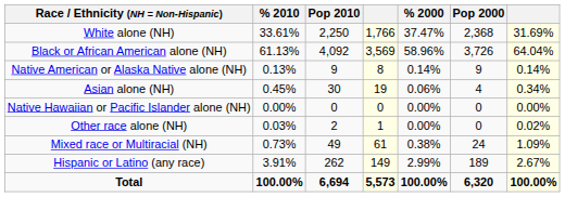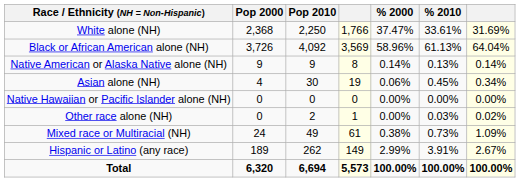 <table class="wikitable" style="text-align:center;">
 <tr>
 <th>Race / Ethnicity <small>(<em>NH = Non-Hispanic</em>)</small></th>
-<th>% 2010</th>
+<th>Pop 2000</th>
 <th>Pop 2010</th>
 <th></th>
 <th>% 2000</th>
-<th>Pop 2000</th>
+<th>% 2010</th>
 <th></th>
 </tr>
 <tr>
 <td><a href='#'>White</a> alone (NH)</td>
-<td>33.61%</td>
+<td>2,368</td>
 <td>2,250</td>
 <td style='background: #ffffe6;'>1,766</td>
 <td>37.47%</td>
-<td>2,368</td>
+<td>33.61%</td>
 <td style='background: #ffffe6;'>31.69%</td>
 </tr>
 <tr>
 <td><a href='#'>Black or African American</a> alone (NH)</td>
-<td>61.13%</td>
+<td>3,726</td>
 <td>4,092</td>
 <td style='background: #ffffe6;'>3,569</td>
 <td>58.96%</td>
-<td>3,726</td>
+<td>61.13%</td>
 <td style='background: #ffffe6;'>64.04%</td>
 </tr>
 <tr>
 <td><a href='#'>Native American</a> or <a href='#'>Alaska Native</a> alone (NH)</td>
-<td>0.13%</td>
+<td>9</td>
 <td>9</td>
 <td style='background: #ffffe6;'>8</td>
 <td>0.14%</td>
-<td>9</td>
+<td>0.13%</td>
 <td style='background: #ffffe6;'>0.14%</td>
 </tr>
 <tr>
 <td><a href='#'>Asian</a> alone (NH)</td>
-<td>0.45%</td>
+<td>4</td>
 <td>30</td>
 <td style='background: #ffffe6;'>19</td>
 <td>0.06%</td>
-<td>4</td>
+<td>0.45%</td>
 <td style='background: #ffffe6;'>0.34%</td>
 </tr>
 <tr>
 <td><a href='#'>Native Hawaiian</a> or <a href='#'>Pacific Islander</a> alone (NH)</td>
-<td>0.00%</td>
+<td>0</td>
 <td>0</td>
 <td style='background: #ffffe6;'>0</td>
 <td>0.00%</td>
-<td>0</td>
+<td>0.00%</td>
 <td style='background: #ffffe6;'>0.00%</td>
 </tr>
 <tr>
 <td><a href='#'>Other race</a> alone (NH)</td>
-<td>0.03%</td>
+<td>0</td>
 <td>2</td>
 <td style='background: #ffffe6;'>1</td>
 <td>0.00%</td>
-<td>0</td>
+<td>0.03%</td>
 <td style='background: #ffffe6;'>0.02%</td>
 </tr>
 <tr>
 <td><a href='#'>Mixed race or Multiracial</a> (NH)</td>
-<td>0.73%</td>
+<td>24</td>
 <td>49</td>
 <td style='background: #ffffe6;'>61</td>
 <td>0.38%</td>
-<td>24</td>
+<td>0.73%</td>
 <td style='background: #ffffe6;'>1.09%</td>
 </tr>
 <tr>
 <td><a href='#'>Hispanic or Latino</a> (any race)</td>
-<td>3.91%</td>
+<td>189</td>
 <td>262</td>
 <td style='background: #ffffe6;'>149</td>
 <td>2.99%</td>
-<td>189</td>
+<td>3.91%</td>
 <td style='background: #ffffe6;'>2.67%</td>
 </tr>
 <tr>
 <td><strong>Total</strong></td>
-<td><strong>100.00%</strong></td>
+<td><strong>6,320</strong></td>
 <td><strong>6,694</strong></td>
 <td style='background: #ffffe6;'><strong>5,573</strong></td>
 <td><strong>100.00%</strong></td>
-<td><strong>6,320</strong></td>
+<td><strong>100.00%</strong></td>
 <td style='background: #ffffe6;'><strong>100.00%</strong></td>
 </tr>
 </table>
